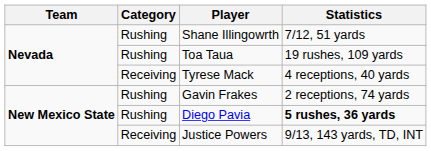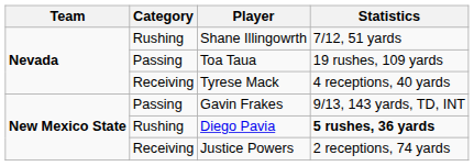 <table class="wikitable" style="float: right;">
 <tr>
 <th>Team</th>
 <th>Category</th>
 <th>Player</th>
 <th>Statistics</th>
 </tr>
 <tr>
 <td rowspan=3><strong>Nevada</strong></td>
 <td>Rushing</td>
 <td>Shane Illingowrth</td>
 <td>7/12, 51 yards</td>
 </tr>
 <tr>
-<td>Rushing</td>
+<td>Passing</td>
 <td>Toa Taua</td>
 <td>19 rushes, 109 yards</td>
 </tr>
 <tr>
 <td>Receiving</td>
 <td>Tyrese Mack</td>
 <td>4 receptions, 40 yards</td>
 </tr>
 <tr>
 <td rowspan=3><strong>New Mexico State</strong></td>
-<td>Rushing</td>
+<td>Passing</td>
 <td>Gavin Frakes</td>
-<td>2 receptions, 74 yards</td>
+<td>9/13, 143 yards, TD, INT</td>
 </tr>
 <tr>
 <td>Rushing</td>
 <td><a href='#'>Diego Pavia</a></td>
 <td><strong>5 rushes, 36 yards</strong></td>
 </tr>
 <tr>
 <td>Receiving</td>
 <td>Justice Powers</td>
-<td>9/13, 143 yards, TD, INT</td>
+<td>2 receptions, 74 yards</td>
 </tr>
 </table>
